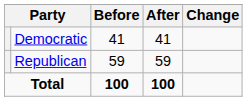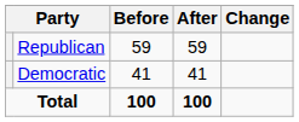 <table class="wikitable" style="text-align:center;">
 <tr>
 </tr>
 <tr>
 <th colspan=2>Party</th>
 <th>Before</th>
 <th>After</th>
 <th>Change</th>
 </tr>
 <tr>
 <th style="background-color:"></th>
-<td style="text-align:left;"><a href='#'>Democratic</a></td>
-<td>41</td>
-<td>41</td>
+<td style="text-align:left;"><a href='#'>Republican</a></td>
+<td>59</td>
+<td>59</td>
 <td></td>
 </tr>
 <tr>
 <th style="background-color:"></th>
-<td style="text-align:left;"><a href='#'>Republican</a></td>
-<td>59</td>
-<td>59</td>
+<td style="text-align:left;"><a href='#'>Democratic</a></td>
+<td>41</td>
+<td>41</td>
 <td></td>
 </tr>
 <tr>
 <td colspan=2><strong>Total</strong></td>
 <td><strong>100</strong></td>
 <td><strong>100</strong></td>
 <td></td>
 </tr>
 </table>
